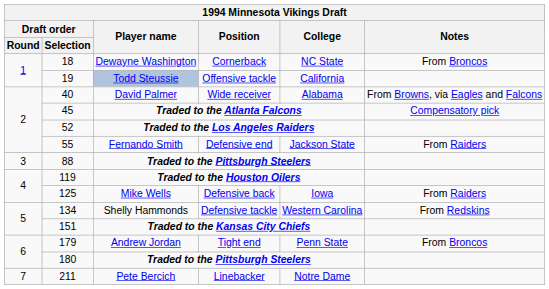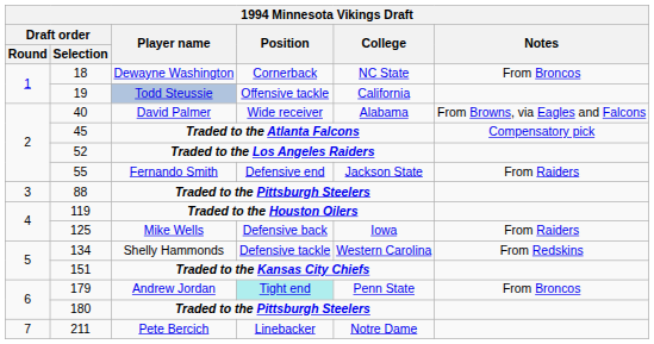 <table class="wikitable" style="text-align:center">
 <tr>
 <th colspan="6">1994 Minnesota Vikings Draft</th>
 </tr>
 <tr>
 <th colspan="2">Draft order</th>
 <th rowspan="2">Player name</th>
 <th rowspan="2">Position</th>
 <th rowspan="2">College</th>
 <th rowspan="2">Notes</th>
 </tr>
 <tr>
 <th>Round</th>
 <th>Selection</th>
 </tr>
 <tr>
 <td rowspan="2"><a href='#'>1</a></td>
 <td>18</td>
 <td><a href='#'>Dewayne Washington</a></td>
 <td><a href='#'>Cornerback</a></td>
 <td><a href='#'>NC State</a></td>
 <td>From <a href='#'>Broncos</a></td>
 </tr>
 <tr>
 <td>19</td>
 <td bgcolor=lightsteelblue><a href='#'>Todd Steussie</a></td>
 <td><a href='#'>Offensive tackle</a></td>
 <td><a href='#'>California</a></td>
 <td></td>
 </tr>
 <tr>
 <td rowspan="4">2</td>
 <td>40</td>
 <td><a href='#'>David Palmer</a></td>
 <td><a href='#'>Wide receiver</a></td>
 <td><a href='#'>Alabama</a></td>
 <td>From <a href='#'>Browns</a>, via <a href='#'>Eagles</a> and <a href='#'>Falcons</a></td>
 </tr>
 <tr>
 <td>45</td>
 <td colspan="3"><strong><em>Traded to the <a href='#'>Atlanta Falcons</a></em></strong></td>
 <td><a href='#'>Compensatory pick</a></td>
 </tr>
 <tr>
 <td>52</td>
 <td colspan="3"><strong><em>Traded to the <a href='#'>Los Angeles Raiders</a></em></strong></td>
 <td></td>
 </tr>
 <tr>
 <td>55</td>
 <td><a href='#'>Fernando Smith</a></td>
 <td><a href='#'>Defensive end</a></td>
 <td><a href='#'>Jackson State</a></td>
 <td>From <a href='#'>Raiders</a></td>
 </tr>
 <tr>
 <td>3</td>
 <td>88</td>
 <td colspan="3"><strong><em>Traded to the <a href='#'>Pittsburgh Steelers</a></em></strong></td>
 <td></td>
 </tr>
 <tr>
 <td rowspan="2">4</td>
 <td>119</td>
 <td colspan="3"><strong><em>Traded to the <a href='#'>Houston Oilers</a></em></strong></td>
 <td></td>
 </tr>
 <tr>
 <td>125</td>
 <td><a href='#'>Mike Wells</a></td>
 <td><a href='#'>Defensive back</a></td>
 <td><a href='#'>Iowa</a></td>
 <td>From <a href='#'>Raiders</a></td>
 </tr>
 <tr>
 <td rowspan="2">5</td>
 <td>134</td>
 <td>Shelly Hammonds</td>
 <td><a href='#'>Defensive tackle</a></td>
 <td><a href='#'>Western Carolina</a></td>
 <td>From <a href='#'>Redskins</a></td>
 </tr>
 <tr>
 <td>151</td>
 <td colspan="3"><strong><em>Traded to the <a href='#'>Kansas City Chiefs</a></em></strong></td>
 <td></td>
 </tr>
 <tr>
 <td rowspan="2">6</td>
 <td>179</td>
 <td><a href='#'>Andrew Jordan</a></td>
-<td><a href='#'>Tight end</a></td>
+<td style="background: paleturquoise;"><a href='#'>Tight end</a></td>
 <td><a href='#'>Penn State</a></td>
 <td>From <a href='#'>Broncos</a></td>
 </tr>
 <tr>
 <td>180</td>
 <td colspan="3"><strong><em>Traded to the <a href='#'>Pittsburgh Steelers</a></em></strong></td>
 <td></td>
 </tr>
 <tr>
 <td>7</td>
 <td>211</td>
 <td><a href='#'>Pete Bercich</a></td>
 <td><a href='#'>Linebacker</a></td>
 <td><a href='#'>Notre Dame</a></td>
 <td></td>
 </tr>
 </table>
